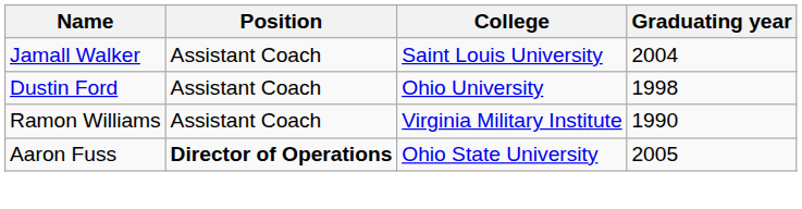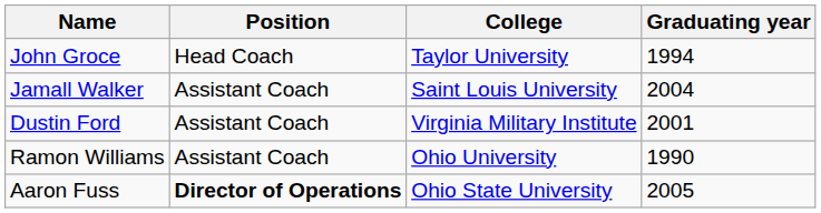 <table class="wikitable">
 <tr>
 <th>Name</th>
 <th>Position</th>
 <th>College</th>
 <th>Graduating year</th>
+</tr>
+<tr>
+<td><a href='#'>John Groce</a></td>
+<td>Head Coach</td>
+<td><a href='#'>Taylor University</a></td>
+<td>1994</td>
 </tr>
 <tr>
 <td><a href='#'>Jamall Walker</a></td>
 <td>Assistant Coach</td>
 <td><a href='#'>Saint Louis University</a></td>
 <td>2004</td>
 </tr>
 <tr>
 <td><a href='#'>Dustin Ford</a></td>
 <td>Assistant Coach</td>
-<td><a href='#'>Ohio University</a></td>
-<td>1998</td>
+<td><a href='#'>Virginia Military Institute</a></td>
+<td>2001</td>
 </tr>
 <tr>
 <td>Ramon Williams</td>
 <td>Assistant Coach</td>
-<td><a href='#'>Virginia Military Institute</a></td>
+<td><a href='#'>Ohio University</a></td>
 <td>1990</td>
 </tr>
 <tr>
 <td>Aaron Fuss</td>
 <td><strong>Director of Operations</strong></td>
 <td><a href='#'>Ohio State University</a></td>
 <td>2005</td>
 </tr>
 </table>
